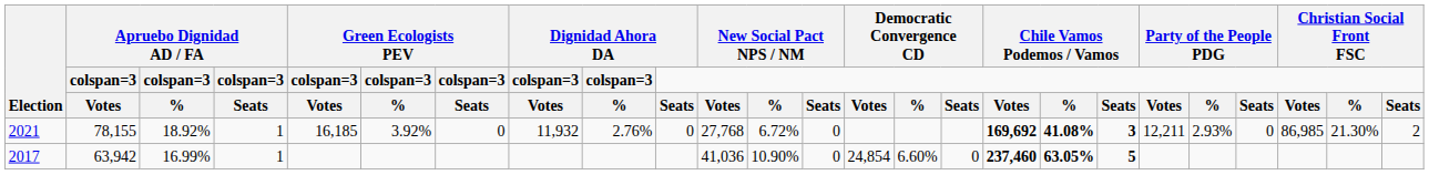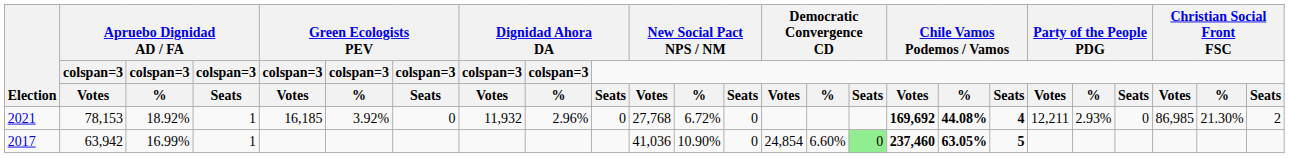 <table class="wikitable" border="1" style="font-size:95%; text-align:right;">
 <tr>
 <th style="text-align:left;" valign=bottom rowspan=3>Election</th>
 <th valign=bottom colspan=3><a href='#'>Apruebo Dignidad</a><br>AD / FA</th>
 <th valign=bottom colspan=3><a href='#'>Green Ecologists</a><br>PEV</th>
 <th valign=bottom colspan=3><a href='#'>Dignidad Ahora</a><br>DA</th>
 <th valign=bottom colspan=3><a href='#'>New Social Pact</a><br>NPS / NM</th>
 <th valign=bottom colspan=3>Democratic<br>Convergence<br>CD</th>
 <th valign=bottom colspan=3><a href='#'>Chile Vamos</a><br>Podemos / Vamos</th>
 <th valign=bottom colspan=3><a href='#'>Party of the People</a><br>PDG</th>
 <th valign=bottom colspan=3><a href='#'>Christian Social Front</a><br>FSC</th>
 </tr>
 <tr>
 <th>colspan=3 </th>
 <th>colspan=3 </th>
 <th>colspan=3 </th>
 <th>colspan=3 </th>
 <th>colspan=3 </th>
 <th>colspan=3 </th>
 <th>colspan=3 </th>
 <th>colspan=3 </th>
 </tr>
 <tr>
 <th>Votes</th>
 <th>%</th>
 <th>Seats</th>
 <th>Votes</th>
 <th>%</th>
 <th>Seats</th>
 <th>Votes</th>
 <th>%</th>
 <th>Seats</th>
 <th>Votes</th>
 <th>%</th>
 <th>Seats</th>
 <th>Votes</th>
 <th>%</th>
 <th>Seats</th>
 <th>Votes</th>
 <th>%</th>
 <th>Seats</th>
 <th>Votes</th>
 <th>%</th>
 <th>Seats</th>
 <th>Votes</th>
 <th>%</th>
 <th>Seats</th>
 </tr>
 <tr>
 <td align=left><a href='#'>2021</a></td>
-<td>78,155</td>
+<td>78,153</td>
 <td>18.92%</td>
 <td>1</td>
 <td>16,185</td>
 <td>3.92%</td>
 <td>0</td>
 <td>11,932</td>
-<td>2.76%</td>
+<td>2.96%</td>
 <td>0</td>
 <td>27,768</td>
 <td>6.72%</td>
 <td>0</td>
 <td></td>
 <td></td>
 <td></td>
 <td><strong>169,692</strong></td>
-<td><strong>41.08%</strong></td>
-<td><strong>3</strong></td>
+<td><strong>44.08%</strong></td>
+<td><strong>4</strong></td>
 <td>12,211</td>
 <td>2.93%</td>
 <td>0</td>
 <td>86,985</td>
 <td>21.30%</td>
 <td>2</td>
 </tr>
 <tr>
 <td align=left><a href='#'>2017</a></td>
 <td>63,942</td>
 <td>16.99%</td>
 <td>1</td>
 <td></td>
 <td></td>
 <td></td>
 <td></td>
 <td></td>
 <td></td>
 <td>41,036</td>
 <td>10.90%</td>
 <td>0</td>
 <td>24,854</td>
 <td>6.60%</td>
-<td>0</td>
+<td style="background: lightgreen;">0</td>
 <td><strong>237,460</strong></td>
 <td><strong>63.05%</strong></td>
 <td><strong>5</strong></td>
 <td></td>
 <td></td>
 <td></td>
 <td></td>
 <td></td>
 <td></td>
 </tr>
 </table>
